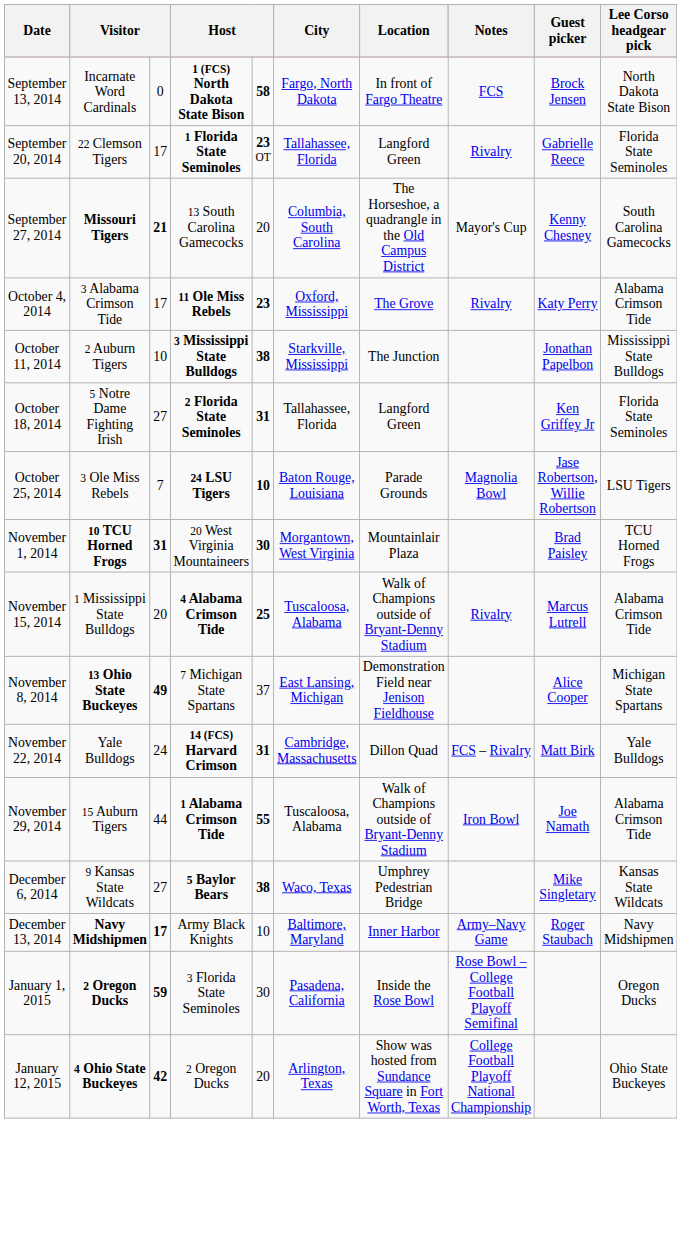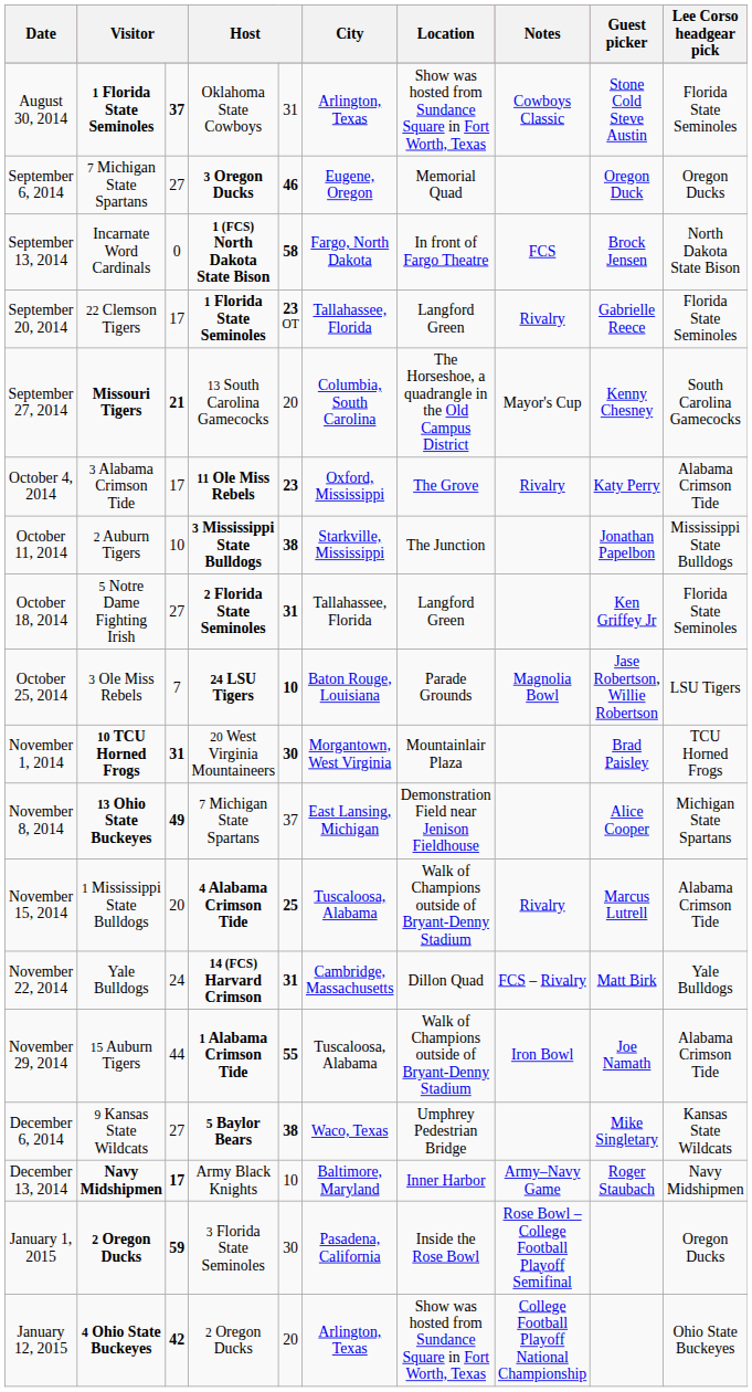 <table class="wikitable" style="text-align:center">
 <tr style="background:#A32638;"|>
 <th>Date</th>
 <th colspan=2>Visitor</th>
 <th colspan=2>Host</th>
 <th>City</th>
 <th>Location</th>
 <th>Notes</th>
 <th>Guest picker</th>
 <th>Lee Corso headgear pick</th>
+</tr>
+<tr>
+<td>August 30, 2014</td>
+<td><strong><small>1</small> Florida State Seminoles</strong></td>
+<td><strong>37</strong></td>
+<td>Oklahoma State Cowboys</td>
+<td>31</td>
+<td><a href='#'>Arlington, Texas</a></td>
+<td>Show was hosted from <a href='#'>Sundance Square</a> in <a href='#'>Fort Worth, Texas</a></td>
+<td><a href='#'>Cowboys Classic</a></td>
+<td><a href='#'>Stone Cold Steve Austin</a></td>
+<td>Florida State Seminoles</td>
+</tr>
+<tr>
+<td>September 6, 2014</td>
+<td><small>7</small> Michigan State Spartans</td>
+<td>27</td>
+<td><strong><small>3</small> Oregon Ducks</strong></td>
+<td><strong>46</strong></td>
+<td><a href='#'>Eugene, Oregon</a></td>
+<td>Memorial Quad</td>
+<td></td>
+<td><a href='#'>Oregon Duck</a></td>
+<td>Oregon Ducks</td>
 </tr>
 <tr>
 <td>September 13, 2014</td>
 <td>Incarnate Word Cardinals</td>
 <td>0</td>
 <td><strong><small>1 (FCS)</small> North Dakota State Bison</strong></td>
 <td><strong>58</strong></td>
 <td><a href='#'>Fargo, North Dakota</a></td>
 <td>In front of <a href='#'>Fargo Theatre</a></td>
 <td><a href='#'>FCS</a></td>
 <td><a href='#'>Brock Jensen</a></td>
 <td>North Dakota State Bison</td>
 </tr>
 <tr>
 <td>September 20, 2014</td>
 <td><small>22</small> Clemson Tigers</td>
 <td>17</td>
 <td><strong><small>1</small> Florida State Seminoles</strong></td>
 <td><strong>23</strong> <sup>OT</sup></td>
 <td><a href='#'>Tallahassee, Florida</a></td>
 <td>Langford Green</td>
 <td><a href='#'>Rivalry</a></td>
 <td><a href='#'>Gabrielle Reece</a></td>
 <td>Florida State Seminoles</td>
 </tr>
 <tr>
 <td>September 27, 2014</td>
 <td><strong>Missouri Tigers</strong></td>
 <td><strong>21</strong></td>
 <td><small>13</small> South Carolina Gamecocks</td>
 <td>20</td>
 <td><a href='#'>Columbia, South Carolina</a></td>
 <td>The Horseshoe, a quadrangle in the <a href='#'>Old Campus District</a></td>
 <td>Mayor's Cup</td>
 <td><a href='#'>Kenny Chesney</a></td>
 <td>South Carolina Gamecocks</td>
 </tr>
 <tr>
 <td>October 4, 2014</td>
 <td><small>3</small> Alabama Crimson Tide</td>
 <td>17</td>
 <td><strong><small>11</small> Ole Miss Rebels</strong></td>
 <td><strong>23</strong></td>
 <td><a href='#'>Oxford, Mississippi</a></td>
 <td><a href='#'>The Grove</a></td>
 <td><a href='#'>Rivalry</a></td>
 <td><a href='#'>Katy Perry</a></td>
 <td>Alabama Crimson Tide</td>
 </tr>
 <tr>
 <td>October 11, 2014</td>
 <td><small>2</small> Auburn Tigers</td>
 <td>10</td>
 <td><strong><small>3</small> Mississippi State Bulldogs</strong></td>
 <td><strong>38</strong></td>
 <td><a href='#'>Starkville, Mississippi</a></td>
 <td>The Junction</td>
 <td></td>
 <td><a href='#'>Jonathan Papelbon</a></td>
 <td>Mississippi State Bulldogs</td>
 </tr>
 <tr>
 <td>October 18, 2014</td>
 <td><small>5</small> Notre Dame Fighting Irish</td>
 <td>27</td>
 <td><strong><small>2</small> Florida State Seminoles</strong></td>
 <td><strong>31</strong></td>
 <td>Tallahassee, Florida</td>
 <td>Langford Green</td>
 <td></td>
 <td><a href='#'>Ken Griffey Jr</a></td>
 <td>Florida State Seminoles</td>
 </tr>
 <tr>
 <td>October 25, 2014</td>
 <td><small>3</small> Ole Miss Rebels</td>
 <td>7</td>
 <td><strong><small>24</small> LSU Tigers</strong></td>
 <td><strong>10</strong></td>
 <td><a href='#'>Baton Rouge, Louisiana</a></td>
 <td>Parade Grounds</td>
 <td><a href='#'>Magnolia Bowl</a></td>
 <td><a href='#'>Jase Robertson</a>, <a href='#'>Willie Robertson</a></td>
 <td>LSU Tigers</td>
 </tr>
 <tr>
 <td>November 1, 2014</td>
 <td><strong><small>10</small> TCU Horned Frogs</strong></td>
 <td><strong>31</strong></td>
 <td><small>20</small> West Virginia Mountaineers</td>
 <td><strong>30</strong></td>
 <td><a href='#'>Morgantown, West Virginia</a></td>
 <td>Mountainlair Plaza</td>
 <td></td>
 <td><a href='#'>Brad Paisley</a></td>
 <td>TCU Horned Frogs</td>
 </tr>
 <tr>
+<td>November 8, 2014</td>
+<td><strong><small>13</small> Ohio State Buckeyes</strong></td>
+<td><strong>49</strong></td>
+<td><small>7</small> Michigan State Spartans</td>
+<td>37</td>
+<td><a href='#'>East Lansing, Michigan</a></td>
+<td>Demonstration Field near <a href='#'>Jenison Fieldhouse</a></td>
+<td></td>
+<td><a href='#'>Alice Cooper</a></td>
+<td>Michigan State Spartans</td>
+</tr>
+<tr>
 <td>November 15, 2014</td>
 <td><small>1</small> Mississippi State Bulldogs</td>
 <td>20</td>
 <td><strong><small>4</small> Alabama Crimson Tide</strong></td>
 <td><strong>25</strong></td>
 <td><a href='#'>Tuscaloosa, Alabama</a></td>
 <td>Walk of Champions outside of <a href='#'>Bryant-Denny Stadium</a></td>
 <td><a href='#'>Rivalry</a></td>
 <td><a href='#'>Marcus Lutrell</a></td>
 <td>Alabama Crimson Tide</td>
-</tr>
-<tr>
-<td>November 8, 2014</td>
-<td><strong><small>13</small> Ohio State Buckeyes</strong></td>
-<td><strong>49</strong></td>
-<td><small>7</small> Michigan State Spartans</td>
-<td>37</td>
-<td><a href='#'>East Lansing, Michigan</a></td>
-<td>Demonstration Field near <a href='#'>Jenison Fieldhouse</a></td>
-<td></td>
-<td><a href='#'>Alice Cooper</a></td>
-<td>Michigan State Spartans</td>
 </tr>
 <tr>
 <td>November 22, 2014</td>
 <td>Yale Bulldogs</td>
 <td>24</td>
 <td><strong><small>14 (FCS)</small> Harvard Crimson</strong></td>
 <td><strong>31</strong></td>
 <td><a href='#'>Cambridge, Massachusetts</a></td>
 <td>Dillon Quad</td>
 <td><a href='#'>FCS</a> – <a href='#'>Rivalry</a></td>
 <td><a href='#'>Matt Birk</a></td>
 <td>Yale Bulldogs</td>
 </tr>
 <tr>
 <td>November 29, 2014</td>
 <td><small>15</small> Auburn Tigers</td>
 <td>44</td>
 <td><strong><small>1</small> Alabama Crimson Tide</strong></td>
 <td><strong>55</strong></td>
 <td>Tuscaloosa, Alabama</td>
 <td>Walk of Champions outside of <a href='#'>Bryant-Denny Stadium</a></td>
 <td><a href='#'>Iron Bowl</a></td>
 <td><a href='#'>Joe Namath</a></td>
 <td>Alabama Crimson Tide</td>
 </tr>
 <tr>
 <td>December 6, 2014</td>
 <td><small>9</small> Kansas State Wildcats</td>
 <td>27</td>
 <td><strong><small>5</small> Baylor Bears</strong></td>
 <td><strong>38</strong></td>
 <td><a href='#'>Waco, Texas</a></td>
 <td>Umphrey Pedestrian Bridge</td>
 <td></td>
 <td><a href='#'>Mike Singletary</a></td>
 <td>Kansas State Wildcats</td>
 </tr>
 <tr>
 <td>December 13, 2014</td>
 <td><strong>Navy Midshipmen</strong></td>
 <td><strong>17</strong></td>
 <td>Army Black Knights</td>
 <td>10</td>
 <td><a href='#'>Baltimore, Maryland</a></td>
 <td><a href='#'>Inner Harbor</a></td>
 <td><a href='#'>Army–Navy Game</a></td>
 <td><a href='#'>Roger Staubach</a></td>
 <td>Navy Midshipmen</td>
 </tr>
 <tr>
 <td>January 1, 2015</td>
 <td><strong><small>2</small> Oregon Ducks</strong></td>
 <td><strong>59</strong></td>
 <td><small>3</small> Florida State Seminoles</td>
 <td>30</td>
 <td><a href='#'>Pasadena, California</a></td>
 <td>Inside the <a href='#'>Rose Bowl</a></td>
 <td><a href='#'>Rose Bowl – College Football Playoff Semifinal</a></td>
 <td></td>
 <td>Oregon Ducks</td>
 </tr>
 <tr>
 <td>January 12, 2015</td>
 <td><strong><small>4</small> Ohio State Buckeyes</strong></td>
 <td><strong>42</strong></td>
 <td><small>2</small> Oregon Ducks</td>
 <td>20</td>
 <td><a href='#'>Arlington, Texas</a></td>
 <td>Show was hosted from <a href='#'>Sundance Square</a> in <a href='#'>Fort Worth, Texas</a></td>
 <td><a href='#'>College Football Playoff National Championship</a></td>
 <td></td>
 <td>Ohio State Buckeyes</td>
 </tr>
 </table>
